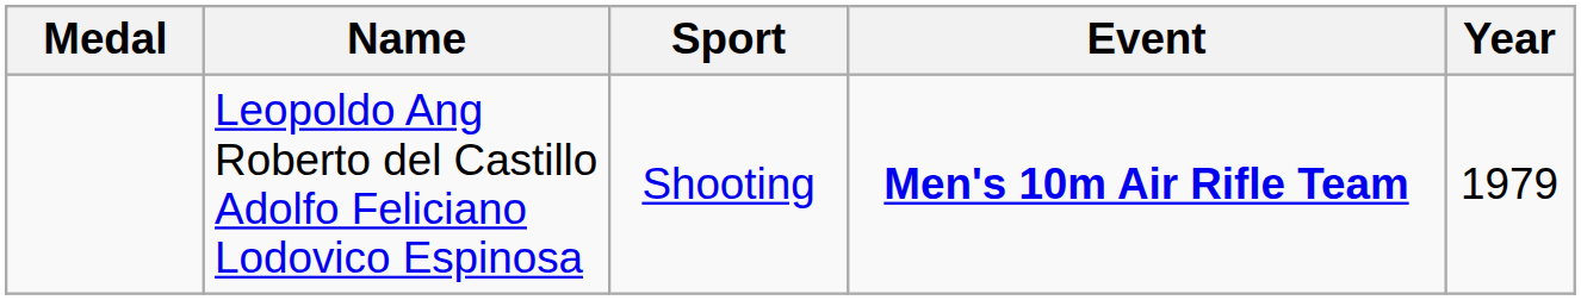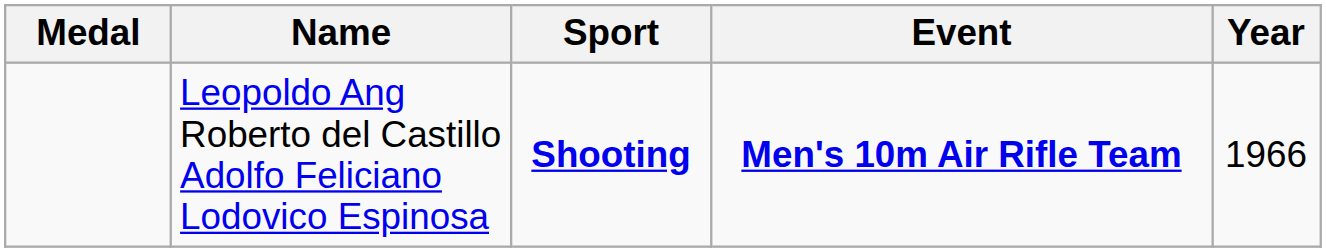 <table class="wikitable"  style="font-size:100%;  text-align:center;">
 <tr>
 <th width="65">Medal</th>
 <th width="140">Name</th>
 <th width="80">Sport</th>
 <th width="210">Event</th>
 <th width="40">Year</th>
 </tr>
 <tr>
 <td></td>
 <td align=left><a href='#'>Leopoldo Ang</a><br>Roberto del Castillo<br><a href='#'>Adolfo Feliciano</a><br><a href='#'>Lodovico Espinosa</a></td>
-<td><a href='#'>Shooting</a></td>
+<td><strong><a href='#'>Shooting</a></strong></td>
 <td><strong><a href='#'>Men's 10m Air Rifle Team</a></strong></td>
-<td>1979</td>
+<td>1966</td>
 </tr>
 </table>
